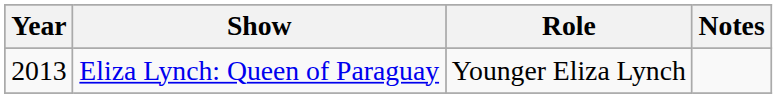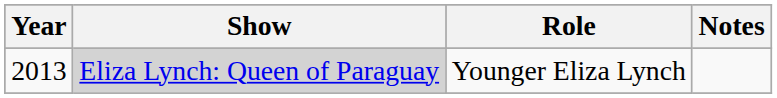 <table class="wikitable sortable">
 <tr>
 <th>Year</th>
 <th>Show</th>
 <th>Role</th>
 <th class = "unsortable">Notes</th>
 </tr>
 <tr>
 <td rowspan=4>2013</td>
-<td> <a href='#'>Eliza Lynch: Queen of Paraguay</a></td>
+<td style="background: lightgrey;"> <a href='#'>Eliza Lynch: Queen of Paraguay</a></td>
 <td rowspan=2>Younger Eliza Lynch</td>
 <td></td>
 </tr>
 </table>
